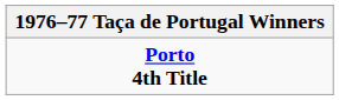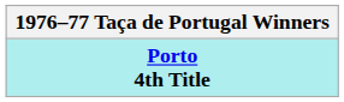 <table class="wikitable" style="text-align: center; margin: 0 auto; width: 20%">
 <tr>
 <th>1976–77 Taça de Portugal Winners</th>
 </tr>
 <tr>
-<td><strong><a href='#'>Porto</a></strong><br><strong>4th Title</strong></td>
+<td style="background: paleturquoise;"><strong><a href='#'>Porto</a></strong><br><strong>4th Title</strong></td>
 </tr>
 </table>
